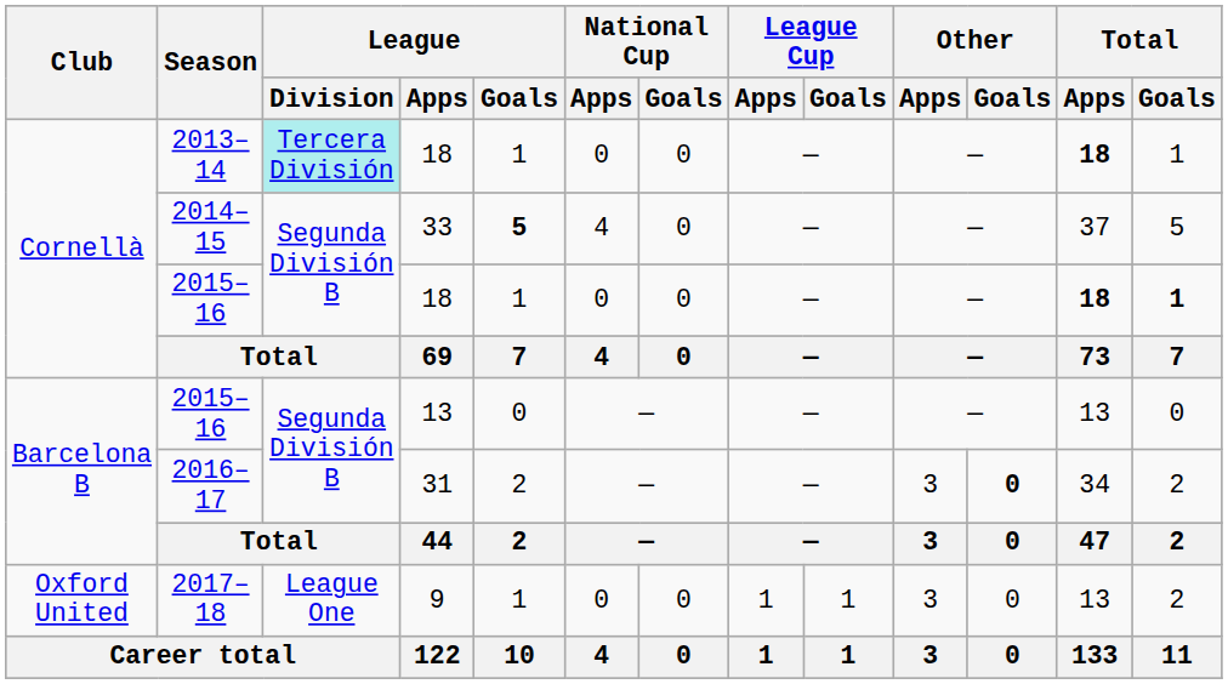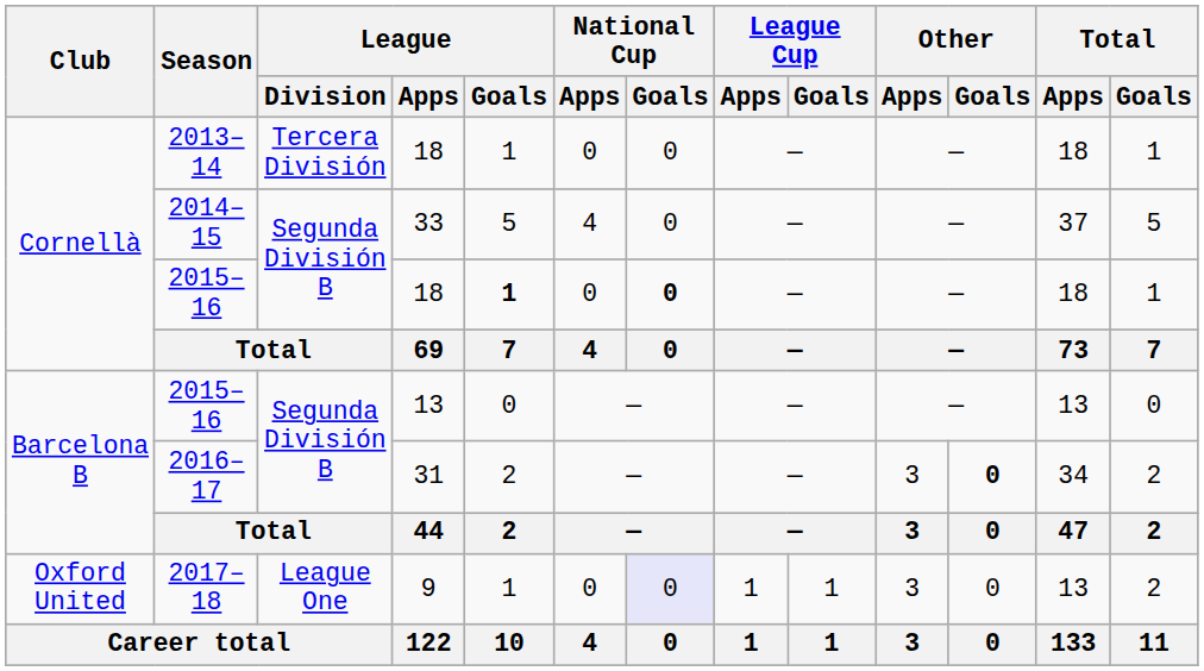 <table class="wikitable" style="text-align: center">
 <tr>
 <th rowspan="2">Club</th>
 <th rowspan="2">Season</th>
 <th colspan="3">League</th>
 <th colspan="2">National Cup</th>
 <th colspan="2"><a href='#'>League Cup</a></th>
 <th colspan="2">Other</th>
 <th colspan="2">Total</th>
 </tr>
 <tr>
 <th>Division</th>
 <th>Apps</th>
 <th>Goals</th>
 <th>Apps</th>
 <th>Goals</th>
 <th>Apps</th>
 <th>Goals</th>
 <th>Apps</th>
 <th>Goals</th>
 <th>Apps</th>
 <th>Goals</th>
 </tr>
 <tr>
 <td rowspan="4"><a href='#'>Cornellà</a></td>
 <td><a href='#'>2013–14</a></td>
-<td style="background: paleturquoise;"><a href='#'>Tercera División</a></td>
+<td><a href='#'>Tercera División</a></td>
 <td>18</td>
 <td>1</td>
 <td>0</td>
 <td>0</td>
 <td colspan=2>—</td>
 <td colspan=2>—</td>
-<td><strong>18</strong></td>
+<td>18</td>
 <td>1</td>
 </tr>
 <tr>
 <td><a href='#'>2014–15</a></td>
 <td rowspan="2"><a href='#'>Segunda División B</a></td>
 <td>33</td>
-<td><strong>5</strong></td>
+<td>5</td>
 <td>4</td>
 <td>0</td>
 <td colspan=2>—</td>
 <td colspan=2>—</td>
 <td>37</td>
 <td>5</td>
 </tr>
 <tr>
 <td><a href='#'>2015–16</a></td>
 <td>18</td>
-<td>1</td>
+<td><strong>1</strong></td>
 <td>0</td>
-<td>0</td>
+<td><strong>0</strong></td>
 <td colspan=2>—</td>
 <td colspan=2>—</td>
-<td><strong>18</strong></td>
-<td><strong>1</strong></td>
+<td>18</td>
+<td>1</td>
 </tr>
 <tr>
 <th colspan="2">Total</th>
 <th>69</th>
 <th>7</th>
 <th>4</th>
 <th>0</th>
 <th colspan=2>—</th>
 <th colspan=2>—</th>
 <th>73</th>
 <th>7</th>
 </tr>
 <tr>
 <td rowspan="3"><a href='#'>Barcelona B</a></td>
 <td><a href='#'>2015–16</a></td>
 <td rowspan="2"><a href='#'>Segunda División B</a></td>
 <td>13</td>
 <td>0</td>
 <td colspan=2>—</td>
 <td colspan=2>—</td>
 <td colspan=2>—</td>
 <td>13</td>
 <td>0</td>
 </tr>
 <tr>
 <td><a href='#'>2016–17</a></td>
 <td>31</td>
 <td>2</td>
 <td colspan=2>—</td>
 <td colspan=2>—</td>
 <td>3</td>
 <td><strong>0</strong></td>
 <td>34</td>
 <td>2</td>
 </tr>
 <tr>
 <th colspan="2">Total</th>
 <th>44</th>
 <th>2</th>
 <th colspan=2>—</th>
 <th colspan=2>—</th>
 <th>3</th>
 <th>0</th>
 <th>47</th>
 <th>2</th>
 </tr>
 <tr>
 <td><a href='#'>Oxford United</a></td>
 <td><a href='#'>2017–18</a></td>
 <td><a href='#'>League One</a></td>
 <td>9</td>
 <td>1</td>
 <td>0</td>
-<td>0</td>
+<td style="background: lavender;">0</td>
 <td>1</td>
 <td>1</td>
 <td>3</td>
 <td>0</td>
 <td>13</td>
 <td>2</td>
 </tr>
 <tr>
 <th colspan="3">Career total</th>
 <th>122</th>
 <th>10</th>
 <th>4</th>
 <th>0</th>
 <th>1</th>
 <th>1</th>
 <th>3</th>
 <th>0</th>
 <th>133</th>
 <th>11</th>
 </tr>
 </table>
